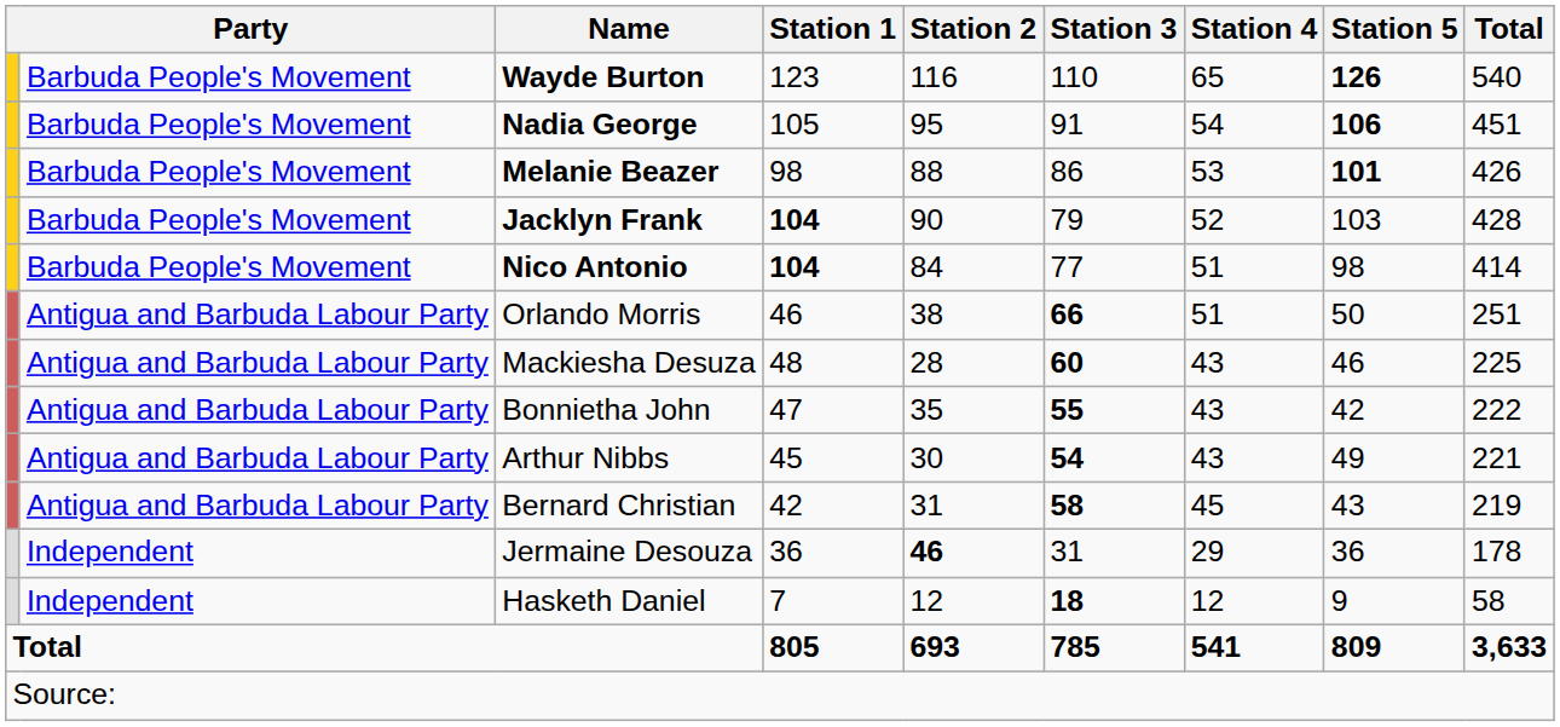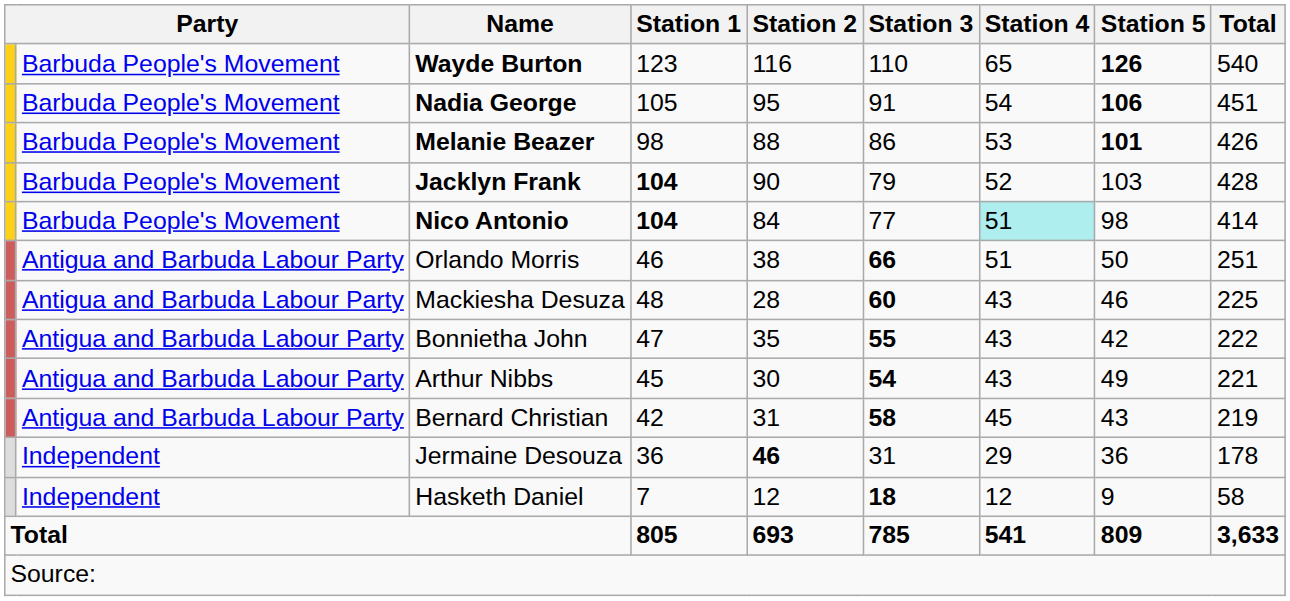 <table class="wikitable sortable">
 <tr>
 <th colspan="2">Party</th>
 <th>Name</th>
 <th>Station 1</th>
 <th>Station 2</th>
 <th>Station 3</th>
 <th>Station 4</th>
 <th>Station 5</th>
 <th>Total</th>
 </tr>
 <tr>
 <th style="background-color: #FCD116"></th>
 <td><a href='#'>Barbuda People's Movement</a></td>
 <td><strong>Wayde Burton</strong></td>
 <td>123</td>
 <td>116</td>
 <td>110</td>
 <td>65</td>
 <td><strong>126</strong></td>
 <td>540</td>
 </tr>
 <tr>
 <th style="background-color: #FCD116"></th>
 <td><a href='#'>Barbuda People's Movement</a></td>
 <td><strong>Nadia George</strong></td>
 <td>105</td>
 <td>95</td>
 <td>91</td>
 <td>54</td>
 <td><strong>106</strong></td>
 <td>451</td>
 </tr>
 <tr>
 <th style="background-color: #FCD116"></th>
 <td><a href='#'>Barbuda People's Movement</a></td>
 <td><strong>Melanie Beazer</strong></td>
 <td>98</td>
 <td>88</td>
 <td>86</td>
 <td>53</td>
 <td><strong>101</strong></td>
 <td>426</td>
 </tr>
 <tr>
 <th style="background-color: #FCD116"></th>
 <td><a href='#'>Barbuda People's Movement</a></td>
 <td><strong>Jacklyn Frank</strong></td>
 <td><strong>104</strong></td>
 <td>90</td>
 <td>79</td>
 <td>52</td>
 <td>103</td>
 <td>428</td>
 </tr>
 <tr>
 <th style="background-color: #FCD116"></th>
 <td><a href='#'>Barbuda People's Movement</a></td>
 <td><strong>Nico Antonio</strong></td>
 <td><strong>104</strong></td>
 <td>84</td>
 <td>77</td>
-<td>51</td>
+<td style="background: paleturquoise;">51</td>
 <td>98</td>
 <td>414</td>
 </tr>
 <tr>
 <th style="background-color: #CD5C5C"></th>
 <td><a href='#'>Antigua and Barbuda Labour Party</a></td>
 <td>Orlando Morris</td>
 <td>46</td>
 <td>38</td>
 <td><strong>66</strong></td>
 <td>51</td>
 <td>50</td>
 <td>251</td>
 </tr>
 <tr>
 <th style="background-color: #CD5C5C"></th>
 <td><a href='#'>Antigua and Barbuda Labour Party</a></td>
 <td>Mackiesha Desuza</td>
 <td>48</td>
 <td>28</td>
 <td><strong>60</strong></td>
 <td>43</td>
 <td>46</td>
 <td>225</td>
 </tr>
 <tr>
 <th style="background-color: #CD5C5C"></th>
 <td><a href='#'>Antigua and Barbuda Labour Party</a></td>
 <td>Bonnietha John</td>
 <td>47</td>
 <td>35</td>
 <td><strong>55</strong></td>
 <td>43</td>
 <td>42</td>
 <td>222</td>
 </tr>
 <tr>
 <th style="background-color: #CD5C5C"></th>
 <td><a href='#'>Antigua and Barbuda Labour Party</a></td>
 <td>Arthur Nibbs</td>
 <td>45</td>
 <td>30</td>
 <td><strong>54</strong></td>
 <td>43</td>
 <td>49</td>
 <td>221</td>
 </tr>
 <tr>
 <th style="background-color: #CD5C5C"></th>
 <td><a href='#'>Antigua and Barbuda Labour Party</a></td>
 <td>Bernard Christian</td>
 <td>42</td>
 <td>31</td>
 <td><strong>58</strong></td>
 <td>45</td>
 <td>43</td>
 <td>219</td>
 </tr>
 <tr>
 <th style="background-color: #DDDDDD"></th>
 <td><a href='#'>Independent</a></td>
 <td>Jermaine Desouza</td>
 <td>36</td>
 <td><strong>46</strong></td>
 <td>31</td>
 <td>29</td>
 <td>36</td>
 <td>178</td>
 </tr>
 <tr>
 <th style="background-color: #DDDDDD"></th>
 <td><a href='#'>Independent</a></td>
 <td>Hasketh Daniel</td>
 <td>7</td>
 <td>12</td>
 <td><strong>18</strong></td>
 <td>12</td>
 <td>9</td>
 <td>58</td>
 </tr>
 <tr>
 <td colspan="3"><strong>Total</strong></td>
 <td><strong>805</strong></td>
 <td><strong>693</strong></td>
 <td><strong>785</strong></td>
 <td><strong>541</strong></td>
 <td><strong>809</strong></td>
 <td><strong>3,633</strong></td>
 </tr>
 <tr>
 <td colspan="9">Source: </td>
 </tr>
 </table>
